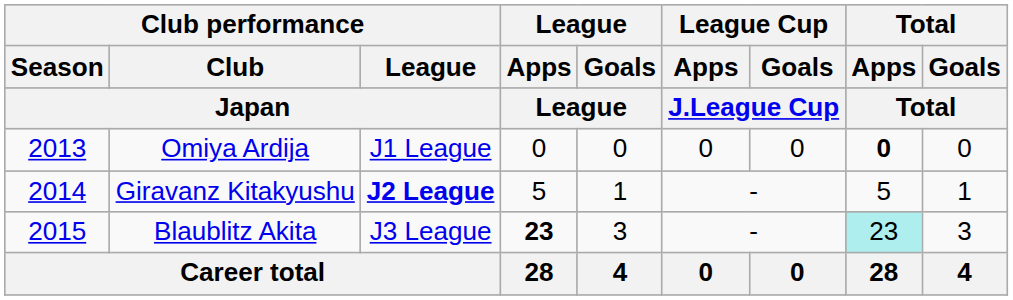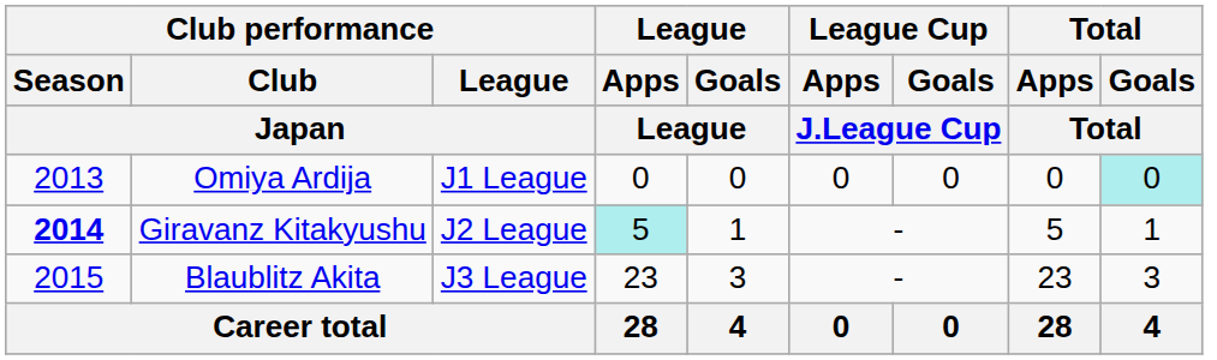 <table class="wikitable" style="text-align:center">
 <tr>
 <th colspan="3">Club performance</th>
 <th colspan="2">League</th>
 <th colspan="2">League Cup</th>
 <th colspan="2">Total</th>
 </tr>
 <tr>
 <th>Season</th>
 <th>Club</th>
 <th>League</th>
 <th>Apps</th>
 <th>Goals</th>
 <th>Apps</th>
 <th>Goals</th>
 <th>Apps</th>
 <th>Goals</th>
 </tr>
 <tr>
 <th colspan="3">Japan</th>
 <th colspan="2">League</th>
 <th colspan="2"><a href='#'>J.League Cup</a></th>
 <th colspan="2">Total</th>
 </tr>
 <tr>
 <td><a href='#'>2013</a></td>
 <td><a href='#'>Omiya Ardija</a></td>
 <td><a href='#'>J1 League</a></td>
 <td>0</td>
 <td>0</td>
 <td>0</td>
 <td>0</td>
-<td><strong>0</strong></td>
 <td>0</td>
+<td style="background: paleturquoise;">0</td>
 </tr>
 <tr>
-<td><a href='#'>2014</a></td>
+<td><strong><a href='#'>2014</a></strong></td>
 <td><a href='#'>Giravanz Kitakyushu</a></td>
-<td><strong><a href='#'>J2 League</a></strong></td>
-<td>5</td>
+<td><a href='#'>J2 League</a></td>
+<td style="background: paleturquoise;">5</td>
 <td>1</td>
 <td colspan="2">-</td>
 <td>5</td>
 <td>1</td>
 </tr>
 <tr>
 <td><a href='#'>2015</a></td>
 <td><a href='#'>Blaublitz Akita</a></td>
 <td><a href='#'>J3 League</a></td>
-<td><strong>23</strong></td>
+<td>23</td>
 <td>3</td>
 <td colspan="2">-</td>
-<td style="background: paleturquoise;">23</td>
+<td>23</td>
 <td>3</td>
 </tr>
 <tr>
 <th colspan=3>Career total</th>
 <th>28</th>
 <th>4</th>
 <th>0</th>
 <th>0</th>
 <th>28</th>
 <th>4</th>
 </tr>
 </table>
